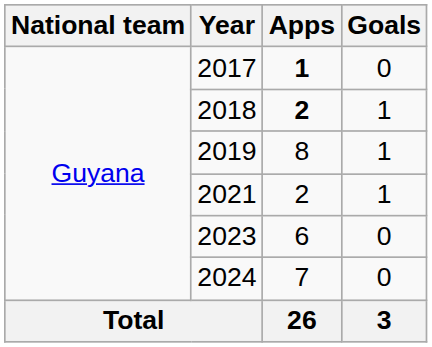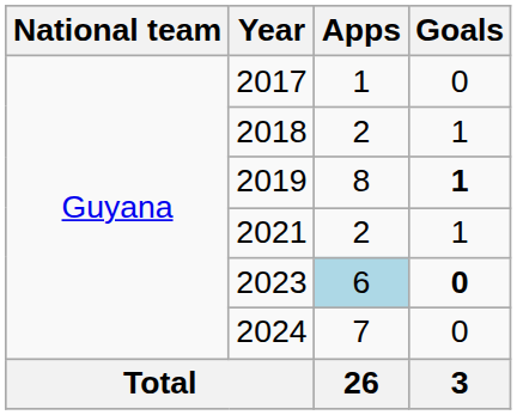 <table class="wikitable" style="text-align: center;">
 <tr>
 <th>National team</th>
 <th>Year</th>
 <th>Apps</th>
 <th>Goals</th>
 </tr>
 <tr>
 <td rowspan="6"><a href='#'>Guyana</a></td>
 <td>2017</td>
-<td><strong>1</strong></td>
+<td>1</td>
 <td>0</td>
 </tr>
 <tr>
 <td>2018</td>
-<td><strong>2</strong></td>
+<td>2</td>
 <td>1</td>
 </tr>
 <tr>
 <td>2019</td>
 <td>8</td>
-<td>1</td>
+<td><strong>1</strong></td>
 </tr>
 <tr>
 <td>2021</td>
 <td>2</td>
 <td>1</td>
 </tr>
 <tr>
 <td>2023</td>
-<td>6</td>
-<td>0</td>
+<td style="background: lightblue;">6</td>
+<td><strong>0</strong></td>
 </tr>
 <tr>
 <td>2024</td>
 <td>7</td>
 <td>0</td>
 </tr>
 <tr>
 <th colspan="2">Total</th>
 <th>26</th>
 <th>3</th>
 </tr>
 </table>
